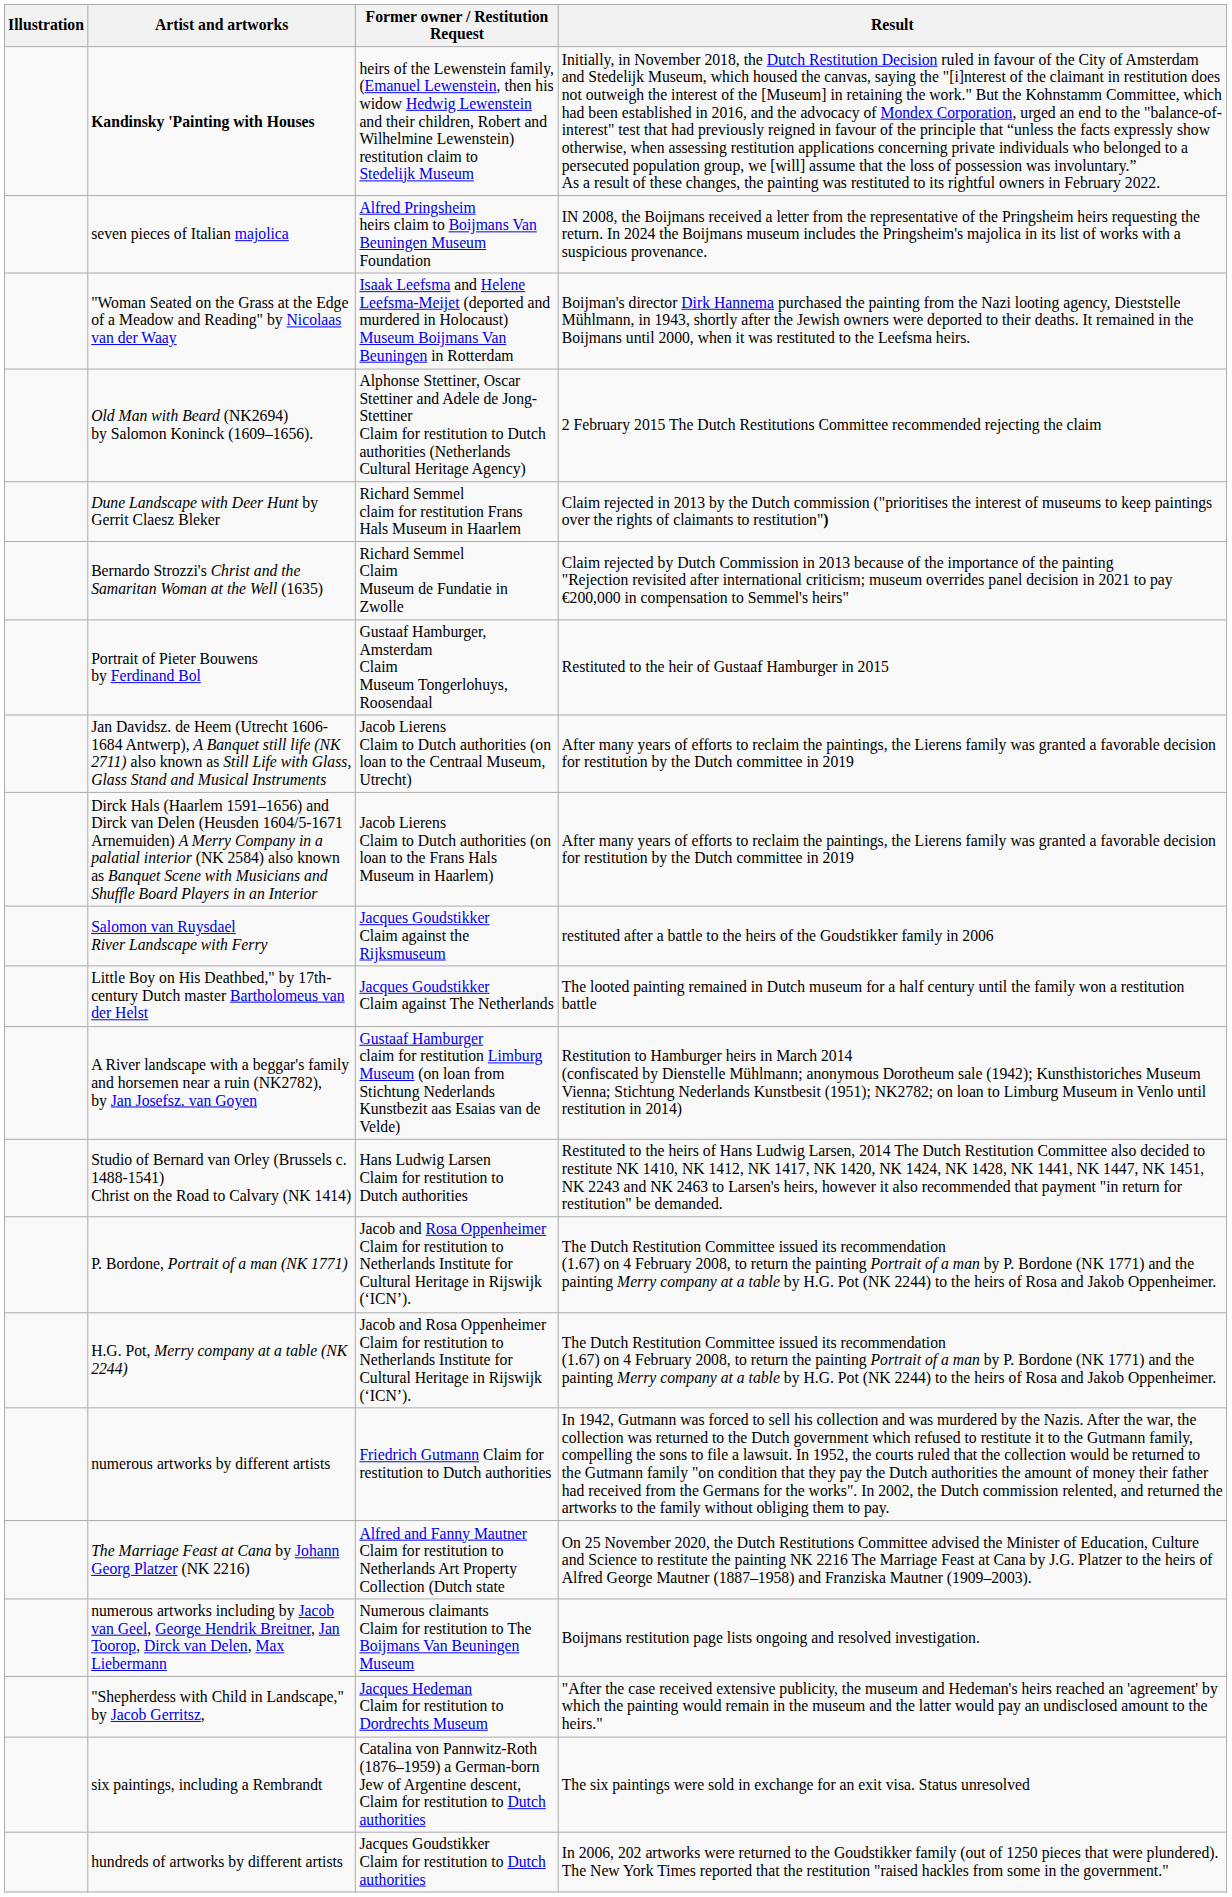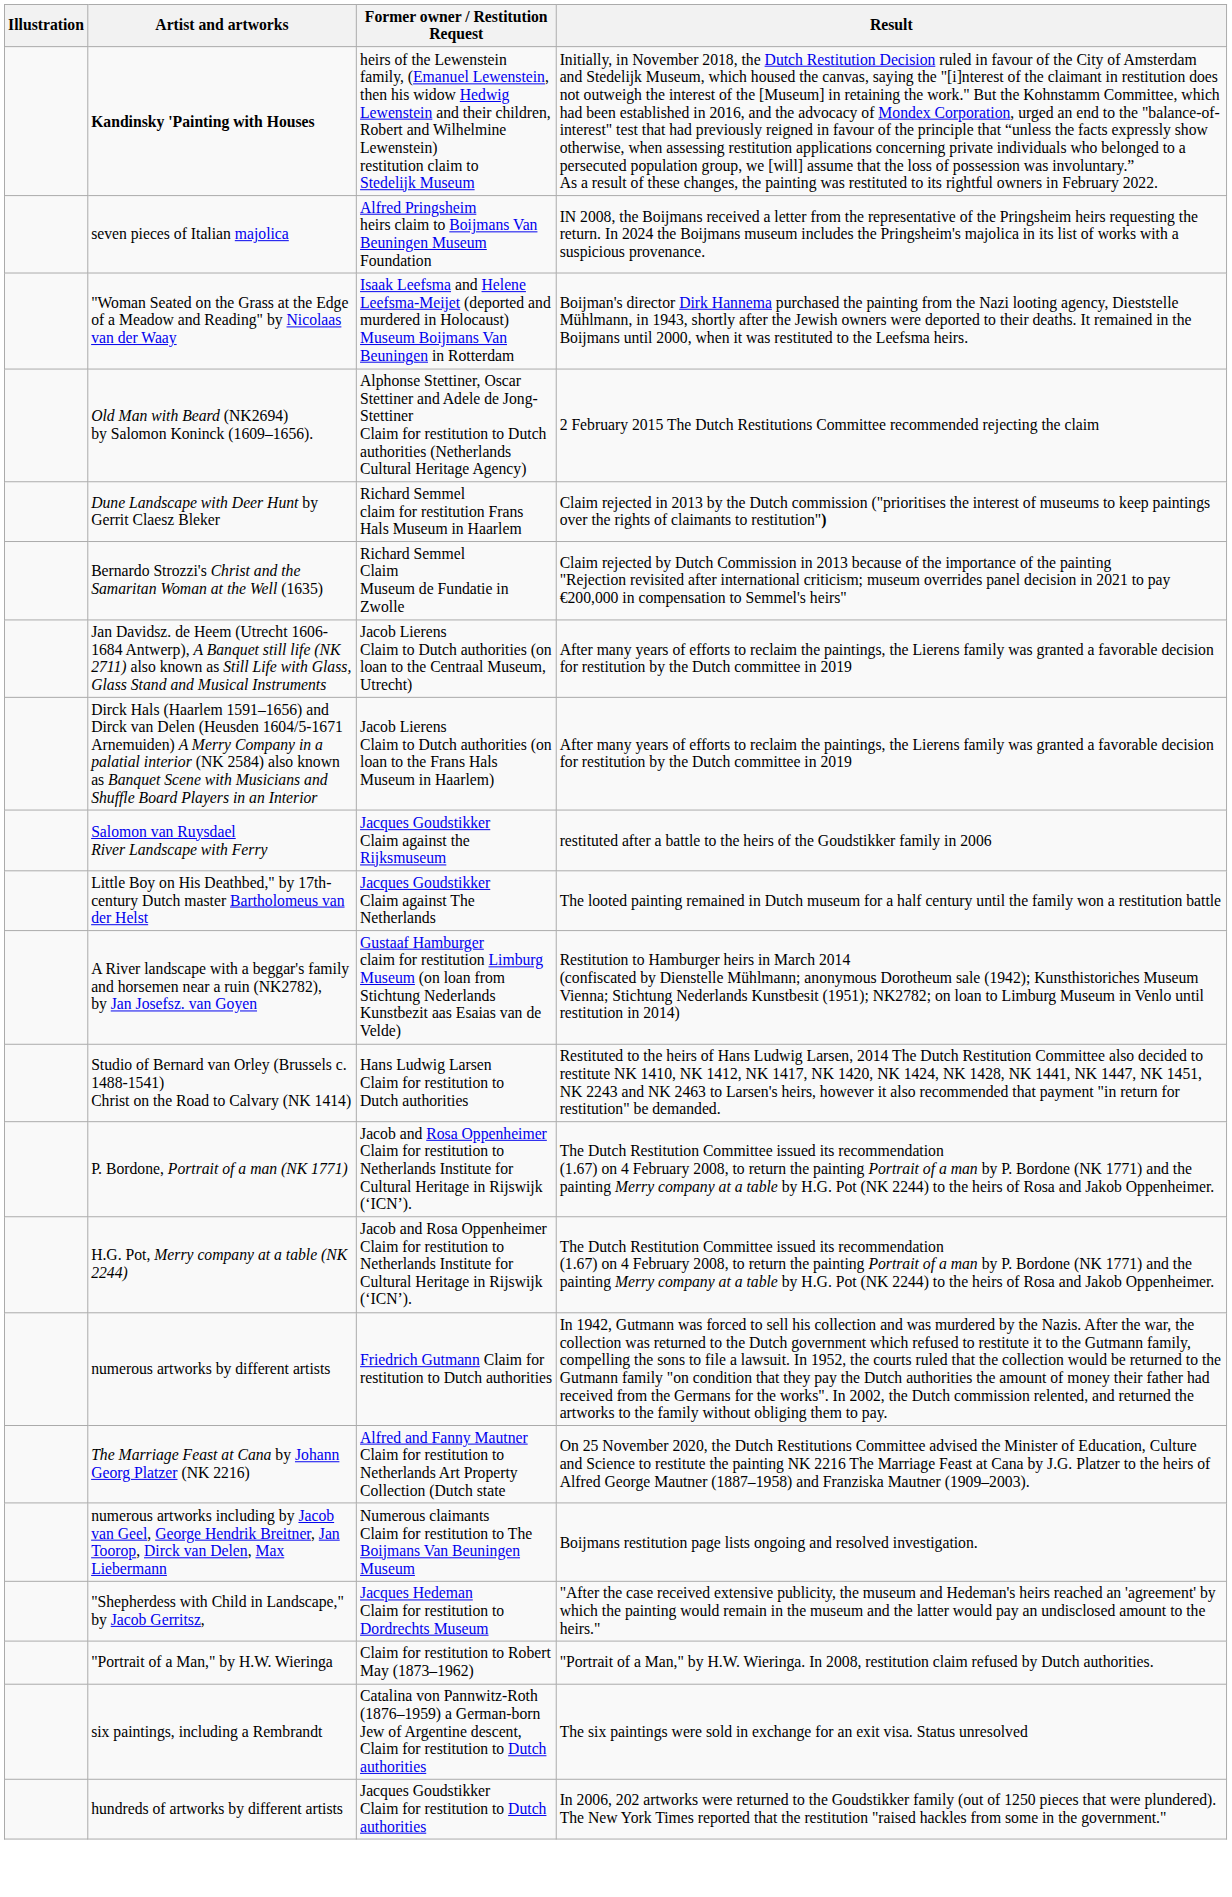 <table class="wikitable">
 <tr>
 <th>Illustration</th>
 <th>Artist and artworks</th>
 <th>Former owner / Restitution Request</th>
 <th>Result</th>
 </tr>
 <tr>
 <td></td>
 <td><strong>Kandinsky 'Painting with Houses</strong></td>
 <td>heirs of the Lewenstein family, (<a href='#'>Emanuel Lewenstein</a>, then his widow <a href='#'>Hedwig Lewenstein</a> and their children, Robert and Wilhelmine Lewenstein)<br>restitution claim to<br><a href='#'>Stedelijk Museum</a></td>
 <td>Initially, in November 2018, the <a href='#'>Dutch Restitution Decision</a> ruled in favour of the City of Amsterdam and Stedelijk Museum, which housed the canvas, saying the "[i]nterest of the claimant in restitution does not outweigh the interest of the [Museum] in retaining the work." But the Kohnstamm Committee, which had been established in 2016, and the advocacy of <a href='#'>Mondex Corporation</a>, urged an end to the "balance-of-interest" test that had previously reigned in favour of the principle that “unless the facts expressly show otherwise, when assessing restitution applications concerning private individuals who belonged to a persecuted population group, we [will] assume that the loss of possession was involuntary.”<br>As a result of these changes, the painting was restituted to its rightful owners in February 2022.</td>
 </tr>
 <tr>
 <td></td>
 <td>seven pieces of Italian <a href='#'>majolica</a></td>
 <td><a href='#'>Alfred Pringsheim</a><br>heirs claim to <a href='#'>Boijmans Van Beuningen Museum</a> Foundation</td>
 <td>IN 2008, the Boijmans received a letter from the representative of the Pringsheim heirs requesting the return. In 2024 the Boijmans museum includes the Pringsheim's majolica in its list of works with a suspicious provenance.</td>
 </tr>
 <tr>
 <td></td>
 <td>"Woman Seated on the Grass at the Edge of a Meadow and Reading" by <a href='#'>Nicolaas van der Waay</a></td>
 <td><a href='#'>Isaak Leefsma</a> and <a href='#'>Helene Leefsma-Meijet</a> (deported and murdered in Holocaust)<br><a href='#'>Museum Boijmans Van Beuningen</a> in Rotterdam</td>
 <td>Boijman's director <a href='#'>Dirk Hannema</a> purchased the painting from the Nazi looting agency, Dieststelle Mühlmann, in 1943, shortly after the Jewish owners were deported to their deaths. It remained in the Boijmans until 2000, when it was restituted to the Leefsma heirs.</td>
 </tr>
 <tr>
 <td></td>
 <td><em>Old Man with Beard</em> (NK2694)<br>by Salomon Koninck (1609–1656).</td>
 <td>Alphonse Stettiner, Oscar Stettiner and Adele de Jong-Stettiner<br>Claim for restitution to Dutch authorities (Netherlands Cultural Heritage Agency)</td>
 <td>2 February 2015 The Dutch Restitutions Committee recommended rejecting the claim</td>
 </tr>
 <tr>
 <td></td>
 <td><em>Dune Landscape with Deer Hunt</em> by Gerrit Claesz Bleker</td>
 <td>Richard Semmel<br>claim for restitution Frans Hals Museum in Haarlem</td>
 <td>Claim rejected in 2013 by the Dutch commission ("prioritises the interest of museums to keep paintings over the rights of claimants to restitution"<strong>)</strong></td>
 </tr>
 <tr>
 <td></td>
 <td>Bernardo Strozzi's <em>Christ and the Samaritan Woman at the Well</em> (1635)</td>
 <td>Richard Semmel<br>Claim<br>Museum de Fundatie in Zwolle</td>
 <td>Claim rejected by Dutch Commission in 2013 because of the importance of the painting<br>"Rejection revisited after international criticism; museum overrides panel decision in 2021 to pay €200,000 in compensation to Semmel's heirs"</td>
-</tr>
-<tr>
-<td></td>
-<td>Portrait of Pieter Bouwens<br>by <a href='#'>Ferdinand Bol</a></td>
-<td>Gustaaf Hamburger, Amsterdam<br>Claim<br>Museum Tongerlohuys, Roosendaal</td>
-<td>Restituted to the heir of Gustaaf Hamburger in 2015</td>
 </tr>
 <tr>
 <td></td>
 <td>Jan Davidsz. de Heem (Utrecht 1606-1684 Antwerp), <em>A Banquet still life (NK 2711)</em> also known as <em>Still Life with Glass, Glass Stand and Musical Instruments</em></td>
 <td>Jacob Lierens<br>Claim to Dutch authorities (on loan to the Centraal Museum, Utrecht)</td>
 <td>After many years of efforts to reclaim the paintings, the Lierens family was granted a favorable decision for restitution by the Dutch committee in 2019</td>
 </tr>
 <tr>
 <td></td>
 <td>Dirck Hals (Haarlem 1591–1656) and Dirck van Delen (Heusden 1604/5-1671 Arnemuiden) <em>A Merry Company in a palatial interior</em> (NK 2584) also known as <em>Banquet Scene with Musicians and Shuffle Board Players in an Interior</em></td>
 <td>Jacob Lierens<br>Claim to Dutch authorities (on loan to the Frans Hals Museum in Haarlem)</td>
 <td>After many years of efforts to reclaim the paintings, the Lierens family was granted a favorable decision for restitution by the Dutch committee in 2019</td>
 </tr>
 <tr>
 <td></td>
 <td><a href='#'>Salomon van Ruysdael</a><br><em>River Landscape with Ferry</em></td>
 <td><a href='#'>Jacques Goudstikker</a><br>Claim against the <a href='#'>Rijksmuseum</a></td>
 <td>restituted after a battle to the heirs of the Goudstikker family in 2006</td>
 </tr>
 <tr>
 <td></td>
 <td>Little Boy on His Deathbed," by 17th-century Dutch master <a href='#'>Bartholomeus van der Helst</a></td>
 <td><a href='#'>Jacques Goudstikker</a><br>Claim against The Netherlands</td>
 <td>The looted painting remained in Dutch museum for a half century until the family won a restitution battle</td>
 </tr>
 <tr>
 <td></td>
 <td>A River landscape with a beggar's family and horsemen near a ruin  (NK2782),<br>by <a href='#'>Jan Josefsz. van Goyen</a></td>
 <td><a href='#'>Gustaaf Hamburger</a><br>claim for restitution <a href='#'>Limburg Museum</a> (on loan from Stichtung Nederlands Kunstbezit aas Esaias van de Velde)</td>
 <td>Restitution to Hamburger heirs in March 2014<br>(confiscated by Dienstelle Mühlmann; anonymous Dorotheum sale (1942); Kunsthistoriches Museum Vienna; Stichtung Nederlands Kunstbesit (1951); NK2782; on loan to Limburg Museum in Venlo until restitution in 2014)</td>
 </tr>
 <tr>
 <td></td>
 <td>Studio of Bernard van Orley (Brussels c. 1488-1541)<br>Christ on the Road to Calvary (NK 1414)</td>
 <td>Hans Ludwig Larsen<br>Claim for restitution to<br>Dutch authorities</td>
 <td>Restituted to the heirs of Hans Ludwig Larsen, 2014 The Dutch Restitution Committee also decided to restitute NK 1410, NK 1412, NK 1417, NK 1420, NK 1424, NK 1428, NK 1441, NK 1447, NK 1451, NK 2243 and NK 2463 to Larsen's heirs, however it also recommended that payment "in return for restitution" be demanded.</td>
 </tr>
 <tr>
 <td></td>
 <td>P. Bordone, <em>Portrait of a man (NK 1771)</em></td>
 <td>Jacob and <a href='#'>Rosa Oppenheimer</a><br>Claim for restitution to Netherlands Institute for Cultural Heritage in Rijswijk (‘ICN’).</td>
 <td>The Dutch Restitution Committee issued its recommendation<br>(1.67) on 4 February 2008, to return the painting <em>Portrait of a man</em> by P. Bordone (NK 1771) and the painting <em>Merry company at a table</em> by H.G. Pot (NK 2244) to the heirs of Rosa and Jakob Oppenheimer.</td>
 </tr>
 <tr>
 <td></td>
 <td>H.G. Pot, <em>Merry company at a table (NK 2244)</em></td>
 <td>Jacob and Rosa Oppenheimer<br>Claim for restitution to Netherlands Institute for Cultural Heritage in Rijswijk (‘ICN’).</td>
 <td>The Dutch Restitution Committee issued its recommendation<br>(1.67) on 4 February 2008, to return the painting <em>Portrait of a man</em> by P. Bordone (NK 1771) and the painting <em>Merry company at a table</em> by H.G. Pot (NK 2244) to the heirs of Rosa and Jakob Oppenheimer.</td>
 </tr>
 <tr>
 <td></td>
 <td>numerous artworks by different artists</td>
 <td><a href='#'>Friedrich Gutmann</a> Claim for restitution to Dutch authorities</td>
 <td>In 1942, Gutmann was forced to sell his collection and was murdered by the Nazis. After the war, the collection was returned to the Dutch government which refused to restitute it to the Gutmann family, compelling the sons to file a lawsuit. In 1952, the courts ruled that the collection would be returned to the Gutmann family  "on condition that they pay the Dutch authorities the amount of money their father had received from the Germans for the works". In 2002,  the Dutch commission relented, and returned the artworks to the family without obliging them to pay.</td>
 </tr>
 <tr>
 <td></td>
 <td><em>The Marriage Feast at Cana</em> by <a href='#'>Johann Georg Platzer</a> (NK 2216)</td>
 <td><a href='#'>Alfred and Fanny Mautner</a><br>Claim for restitution to Netherlands Art Property Collection (Dutch state</td>
 <td>On 25 November 2020, the Dutch Restitutions Committee advised the Minister of Education, Culture and Science to restitute the painting NK 2216 The Marriage Feast at Cana by J.G. Platzer to the heirs of Alfred George Mautner (1887–1958) and Franziska Mautner (1909–2003).</td>
 </tr>
 <tr>
 <td></td>
 <td>numerous artworks including by <a href='#'>Jacob van Geel</a>, <a href='#'>George Hendrik Breitner</a>, <a href='#'>Jan Toorop</a>, <a href='#'>Dirck van Delen</a>, <a href='#'>Max Liebermann</a></td>
 <td>Numerous claimants<br>Claim for restitution to The <a href='#'>Boijmans Van Beuningen Museum</a></td>
 <td>Boijmans restitution page lists ongoing and resolved investigation.</td>
 </tr>
 <tr>
 <td></td>
 <td>"Shepherdess with Child in Landscape," by <a href='#'>Jacob Gerritsz</a>,</td>
 <td><a href='#'>Jacques Hedeman</a><br>Claim for restitution to <a href='#'>Dordrechts Museum</a></td>
 <td>"After the case received extensive publicity, the museum and Hedeman's heirs reached an 'agreement' by which the painting would remain in the museum and the latter would pay an undisclosed amount to the heirs."</td>
 </tr>
 <tr>
 <td></td>
+<td>"Portrait of a Man," by H.W. Wieringa</td>
+<td>Claim for restitution to Robert May (1873–1962)</td>
+<td>"Portrait of a Man," by H.W. Wieringa. In 2008, restitution claim refused by Dutch authorities.</td>
+</tr>
+<tr>
+<td></td>
 <td>six paintings, including a Rembrandt</td>
 <td>Catalina von Pannwitz-Roth (1876–1959) a German-born Jew of Argentine descent,<br>Claim for restitution to <a href='#'>Dutch authorities</a></td>
 <td>The six paintings were sold in exchange for an exit visa. Status unresolved</td>
 </tr>
 <tr>
 <td></td>
 <td>hundreds of artworks by different artists</td>
 <td>Jacques Goudstikker<br>Claim for restitution to <a href='#'>Dutch authorities</a></td>
 <td>In 2006, 202 artworks were returned to the Goudstikker family (out of 1250 pieces that were plundered). The New York Times reported that the restitution "raised hackles from some in the government."</td>
 </tr>
 </table>
